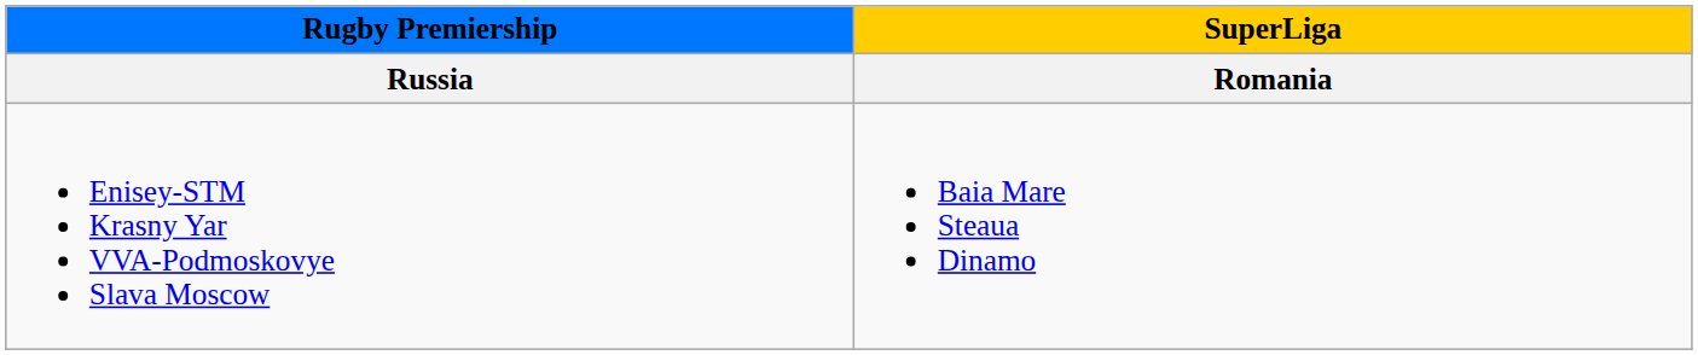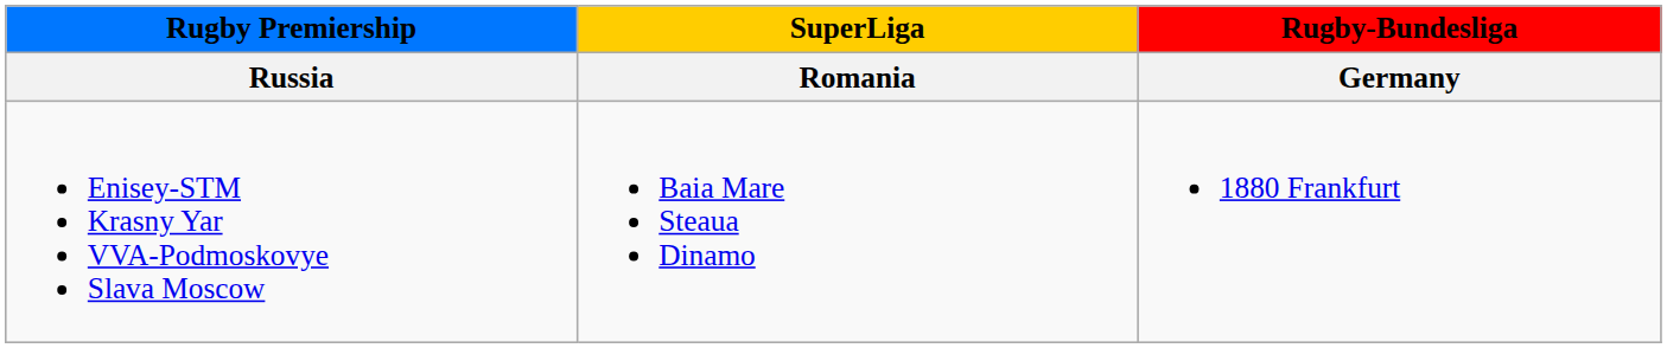 <table class="wikitable" style="width:100%;">
 <tr>
 <th style="background: #0077ff;">Rugby Premiership</th>
 <th style="background: #ffcd00;">SuperLiga</th>
+<th style="background: #ff0000">Rugby-Bundesliga</th>
 </tr>
 <tr>
 <th width=15%> Russia</th>
 <th width=15%> Romania</th>
+<th width=14%> Germany</th>
 </tr>
 <tr valign=top>
 <td><br><ul><li><a href='#'>Enisey-STM</a></li><li><a href='#'>Krasny Yar</a></li><li><a href='#'>VVA-Podmoskovye</a></li><li><a href='#'>Slava Moscow</a></li></ul></td>
 <td><br><ul><li><a href='#'>Baia Mare</a></li><li><a href='#'>Steaua</a></li><li><a href='#'>Dinamo</a></li></ul></td>
+<td><br><ul><li><a href='#'>1880 Frankfurt</a></li></ul></td>
 </tr>
 </table>
